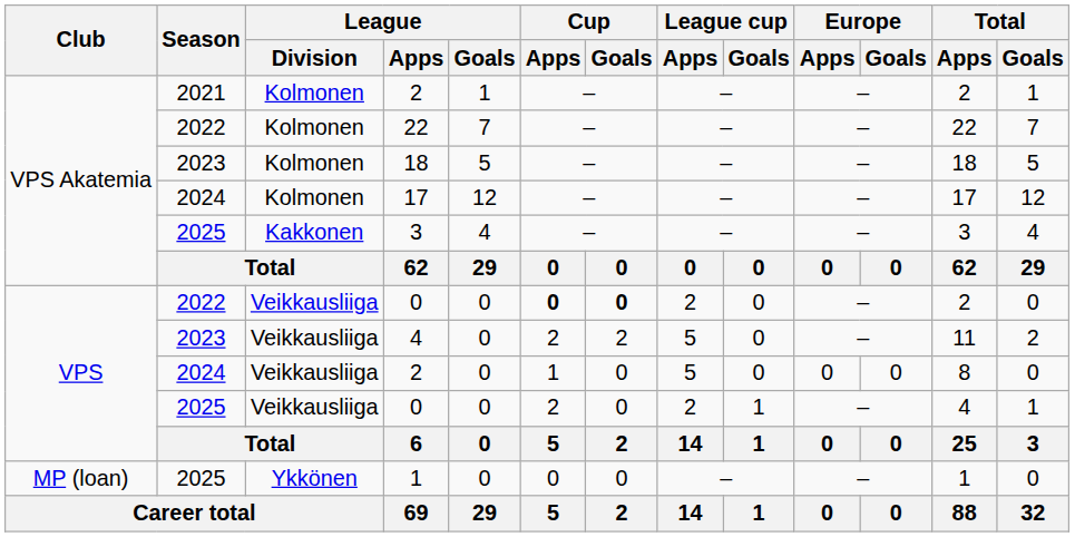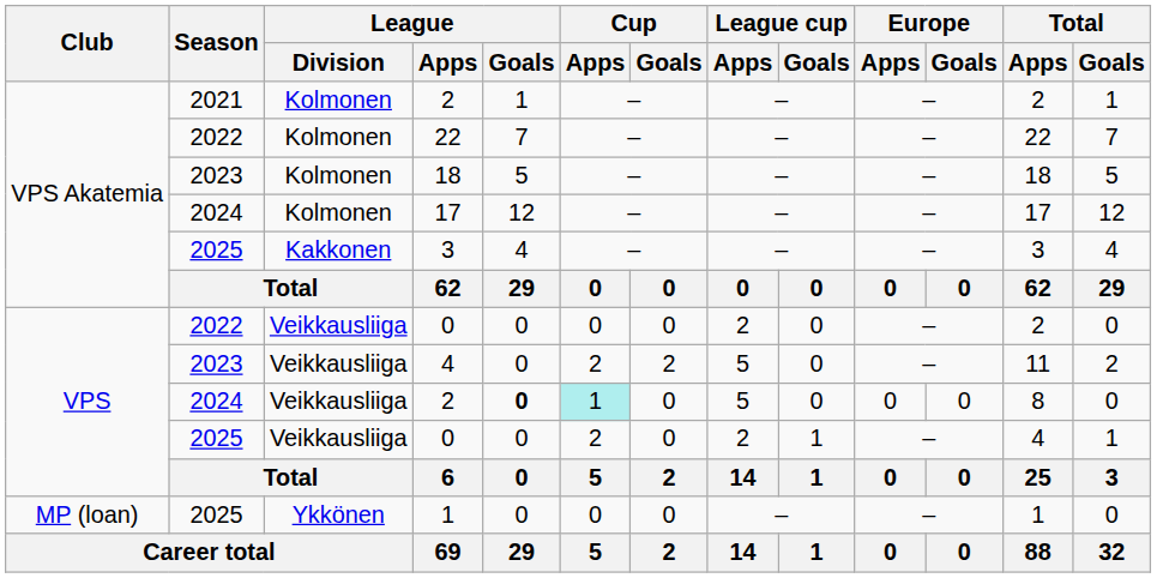 <table class="wikitable" style="text-align:center">
 <tr>
 <th rowspan="2">Club</th>
 <th rowspan="2">Season</th>
 <th colspan="3">League</th>
 <th colspan="2">Cup</th>
 <th colspan="2">League cup</th>
 <th colspan="2">Europe</th>
 <th colspan="2">Total</th>
 </tr>
 <tr>
 <th>Division</th>
 <th>Apps</th>
 <th>Goals</th>
 <th>Apps</th>
 <th>Goals</th>
 <th>Apps</th>
 <th>Goals</th>
 <th>Apps</th>
 <th>Goals</th>
 <th>Apps</th>
 <th>Goals</th>
 </tr>
 <tr>
 <td rowspan=6>VPS Akatemia</td>
 <td>2021</td>
 <td><a href='#'>Kolmonen</a></td>
 <td>2</td>
 <td>1</td>
 <td colspan=2>–</td>
 <td colspan=2>–</td>
 <td colspan=2>–</td>
 <td>2</td>
 <td>1</td>
 </tr>
 <tr>
 <td>2022</td>
 <td>Kolmonen</td>
 <td>22</td>
 <td>7</td>
 <td colspan=2>–</td>
 <td colspan=2>–</td>
 <td colspan=2>–</td>
 <td>22</td>
 <td>7</td>
 </tr>
 <tr>
 <td>2023</td>
 <td>Kolmonen</td>
 <td>18</td>
 <td>5</td>
 <td colspan=2>–</td>
 <td colspan=2>–</td>
 <td colspan=2>–</td>
 <td>18</td>
 <td>5</td>
 </tr>
 <tr>
 <td>2024</td>
 <td>Kolmonen</td>
 <td>17</td>
 <td>12</td>
 <td colspan=2>–</td>
 <td colspan=2>–</td>
 <td colspan=2>–</td>
 <td>17</td>
 <td>12</td>
 </tr>
 <tr>
 <td><a href='#'>2025</a></td>
 <td><a href='#'>Kakkonen</a></td>
 <td>3</td>
 <td>4</td>
 <td colspan=2>–</td>
 <td colspan=2>–</td>
 <td colspan=2>–</td>
 <td>3</td>
 <td>4</td>
 </tr>
 <tr>
 <th colspan=2>Total</th>
 <th>62</th>
 <th>29</th>
 <th>0</th>
 <th>0</th>
 <th>0</th>
 <th>0</th>
 <th>0</th>
 <th>0</th>
 <th>62</th>
 <th>29</th>
 </tr>
 <tr>
 <td rowspan=5><a href='#'>VPS</a></td>
 <td><a href='#'>2022</a></td>
 <td><a href='#'>Veikkausliiga</a></td>
 <td>0</td>
 <td>0</td>
-<td><strong>0</strong></td>
-<td><strong>0</strong></td>
+<td>0</td>
+<td>0</td>
 <td>2</td>
 <td>0</td>
 <td colspan=2>–</td>
 <td>2</td>
 <td>0</td>
 </tr>
 <tr>
 <td><a href='#'>2023</a></td>
 <td>Veikkausliiga</td>
 <td>4</td>
 <td>0</td>
 <td>2</td>
 <td>2</td>
 <td>5</td>
 <td>0</td>
 <td colspan=2>–</td>
 <td>11</td>
 <td>2</td>
 </tr>
 <tr>
 <td><a href='#'>2024</a></td>
 <td>Veikkausliiga</td>
 <td>2</td>
-<td>0</td>
-<td>1</td>
+<td><strong>0</strong></td>
+<td style="background: paleturquoise;">1</td>
 <td>0</td>
 <td>5</td>
 <td>0</td>
 <td>0</td>
 <td>0</td>
 <td>8</td>
 <td>0</td>
 </tr>
 <tr>
 <td><a href='#'>2025</a></td>
 <td>Veikkausliiga</td>
 <td>0</td>
 <td>0</td>
 <td>2</td>
 <td>0</td>
 <td>2</td>
 <td>1</td>
 <td colspan=2>–</td>
 <td>4</td>
 <td>1</td>
 </tr>
 <tr>
 <th colspan=2>Total</th>
 <th>6</th>
 <th>0</th>
 <th>5</th>
 <th>2</th>
 <th>14</th>
 <th>1</th>
 <th>0</th>
 <th>0</th>
 <th>25</th>
 <th>3</th>
 </tr>
 <tr>
 <td><a href='#'>MP</a> (loan)</td>
 <td>2025</td>
 <td><a href='#'>Ykkönen</a></td>
 <td>1</td>
 <td>0</td>
 <td>0</td>
 <td>0</td>
 <td colspan=2>–</td>
 <td colspan=2>–</td>
 <td>1</td>
 <td>0</td>
 </tr>
 <tr>
 <th colspan="3">Career total</th>
 <th>69</th>
 <th>29</th>
 <th>5</th>
 <th>2</th>
 <th>14</th>
 <th>1</th>
 <th>0</th>
 <th>0</th>
 <th>88</th>
 <th>32</th>
 </tr>
 </table>
